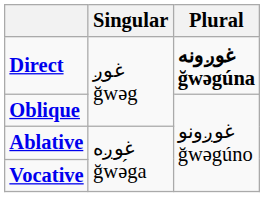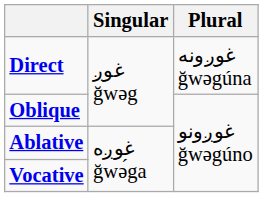 <table class="wikitable">
 <tr>
 <th></th>
 <th><strong>Singular</strong></th>
 <th><strong>Plural</strong></th>
 </tr>
 <tr>
 <td><strong><a href='#'>Direct</a></strong></td>
 <td rowspan="2">غوږ<br>ğwəg</td>
-<td><strong>غوږونه<br>ğwəgúna</strong></td>
+<td>غوږونه<br>ğwəgúna</td>
 </tr>
 <tr>
 <td><strong><a href='#'>Oblique</a></strong></td>
 <td rowspan="3">غوږونو<br>ğwəgúno</td>
 </tr>
 <tr>
 <td><strong><a href='#'>Ablative</a></strong></td>
 <td rowspan="2">غوږه<br>ğwə́ga</td>
 </tr>
 <tr>
 <td><strong><a href='#'>Vocative</a></strong></td>
 </tr>
 </table>
